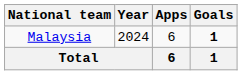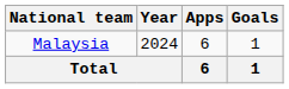 <table class="wikitable" style="text-align: center;">
 <tr>
 <th>National team</th>
 <th>Year</th>
 <th>Apps</th>
 <th>Goals</th>
 </tr>
 <tr>
 <td rowspan="1"><a href='#'>Malaysia</a></td>
 <td>2024</td>
 <td>6</td>
-<td><strong>1</strong></td>
+<td>1</td>
 </tr>
 <tr>
 <th colspan="2">Total</th>
 <th>6</th>
 <th>1</th>
 </tr>
 </table>
